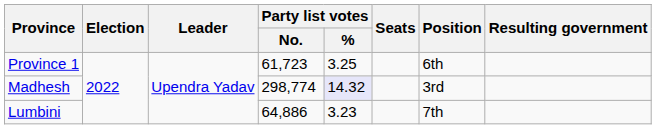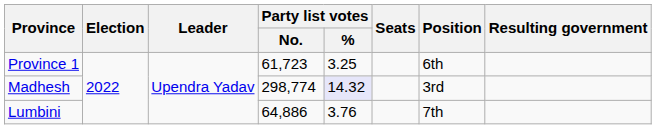 <table class="wikitable">
 <tr>
 <th rowspan="2" style="background-color:">Province</th>
 <th rowspan="2" style="background-color:">Election</th>
 <th rowspan="2" style="background-color:">Leader</th>
 <th colspan="2" style="background-color:">Party list votes</th>
 <th rowspan="2" style="background-color:">Seats</th>
 <th rowspan="2" style="background-color:">Position</th>
 <th rowspan="2" style="background-color:">Resulting government</th>
 </tr>
 <tr>
 <th style="background-color:">No.</th>
 <th style="background-color:">%</th>
 </tr>
 <tr>
 <td><a href='#'>Province 1</a></td>
 <td rowspan="3"><a href='#'>2022</a></td>
 <td rowspan="3"><a href='#'>Upendra Yadav</a></td>
 <td>61,723</td>
 <td>3.25</td>
 <td></td>
 <td>6th</td>
 <td></td>
 </tr>
 <tr>
 <td><a href='#'>Madhesh</a></td>
 <td>298,774</td>
 <td style="background: lavender;">14.32</td>
 <td></td>
 <td>3rd</td>
 <td></td>
 </tr>
 <tr>
 <td><a href='#'>Lumbini</a></td>
 <td>64,886</td>
-<td>3.23</td>
+<td>3.76</td>
 <td></td>
 <td>7th</td>
 <td></td>
 </tr>
 </table>
